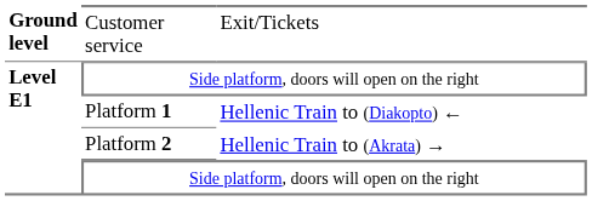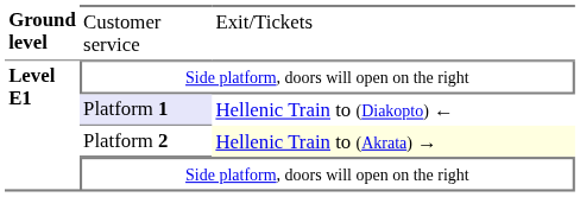 <table table border=0 cellspacing=0 cellpadding=3>
 <tr>
 <td style="border-bottom:solid 1px gray;" width=50 valign=top><strong>Ground level</strong></td>
 <td style="border-top:solid 2px gray;border-bottom:solid 1px gray;" width=100 valign=top>Customer service</td>
 <td style="border-top:solid 2px gray;border-bottom:solid 1px gray;" width=285 valign=top>Exit/Tickets</td>
 </tr>
 <tr>
 <td style="border-bottom:solid 2px gray;" rowspan=5 valign=top><strong>Level<br>Ε1</strong></td>
 <td style="border-top:solid 1px gray;border-right:solid 2px gray;border-left:solid 2px gray;border-bottom:solid 2px gray;text-align:center;" colspan=2><small><a href='#'>Side platform</a>, doors will open on the right</small></td>
 </tr>
 <tr>
-<td style="border-bottom:solid 1px gray;">Platform <strong>1</strong></td>
+<td style="background: lavender; border-bottom:solid 1px gray;">Platform <strong>1</strong></td>
 <td><a href='#'>Hellenic Train</a> to  <small>(<a href='#'>Diakopto</a>)</small> ←</td>
 </tr>
 <tr>
 <td style="border-bottom:solid 1px gray;">Platform <strong>2</strong></td>
-<td><a href='#'>Hellenic Train</a> to  <small>(<a href='#'>Akrata</a>)</small> →</td>
+<td style="background: lightyellow;"><a href='#'>Hellenic Train</a> to  <small>(<a href='#'>Akrata</a>)</small> →</td>
 </tr>
 <tr>
 <td style="border-top:solid 2px gray;border-right:solid 2px gray;border-left:solid 2px gray;border-bottom:solid 2px gray;text-align:center;" colspan=2><small><a href='#'>Side platform</a>, doors will open on the right</small></td>
 </tr>
 </table>
